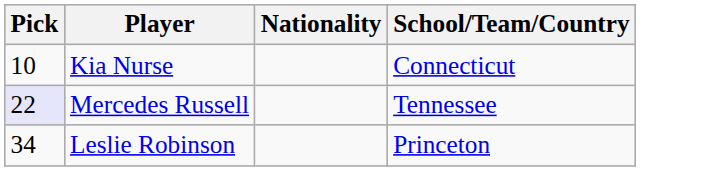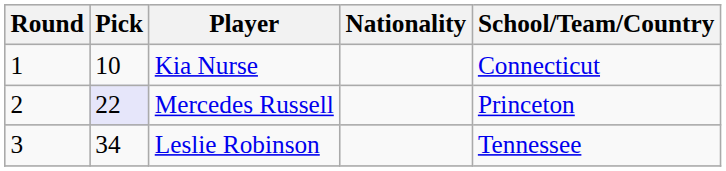 <table class="wikitable">
 <tr>
+<th>Round</th>
 <th>Pick</th>
 <th>Player</th>
 <th>Nationality</th>
 <th>School/Team/Country</th>
 </tr>
 <tr>
+<td>1</td>
 <td>10</td>
 <td><a href='#'>Kia Nurse</a></td>
 <td></td>
 <td><a href='#'>Connecticut</a></td>
 </tr>
 <tr>
+<td>2</td>
 <td style="background: lavender;">22</td>
 <td><a href='#'>Mercedes Russell</a></td>
 <td></td>
-<td><a href='#'>Tennessee</a></td>
+<td><a href='#'>Princeton</a></td>
 </tr>
 <tr>
+<td>3</td>
 <td>34</td>
 <td><a href='#'>Leslie Robinson</a></td>
 <td></td>
-<td><a href='#'>Princeton</a></td>
+<td><a href='#'>Tennessee</a></td>
 </tr>
 </table>
